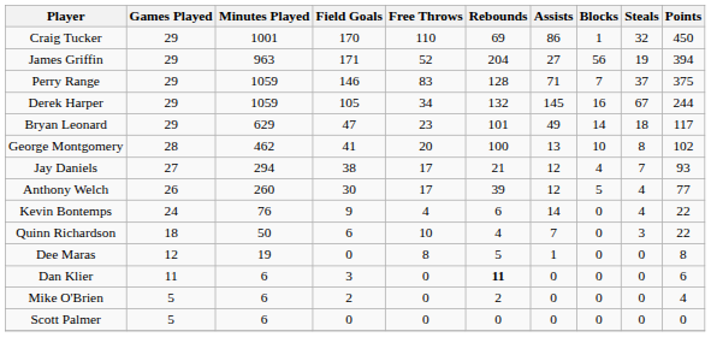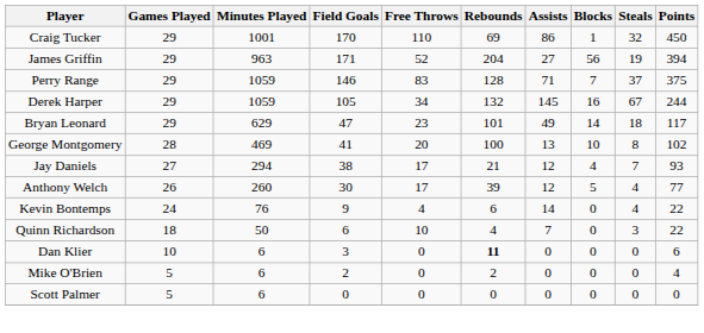 <table class="wikitable sortable">
 <tr>
 <th>Player</th>
 <th>Games Played</th>
 <th>Minutes Played</th>
 <th>Field Goals</th>
 <th>Free Throws</th>
 <th>Rebounds</th>
 <th>Assists</th>
 <th>Blocks</th>
 <th>Steals</th>
 <th>Points</th>
 </tr>
 <tr align="center" bgcolor="">
 <td>Craig Tucker</td>
 <td>29</td>
 <td>1001</td>
 <td>170</td>
 <td>110</td>
 <td>69</td>
 <td>86</td>
 <td>1</td>
 <td>32</td>
 <td>450</td>
 </tr>
 <tr align="center" bgcolor="">
 <td>James Griffin</td>
 <td>29</td>
 <td>963</td>
 <td>171</td>
 <td>52</td>
 <td>204</td>
 <td>27</td>
 <td>56</td>
 <td>19</td>
 <td>394</td>
 </tr>
 <tr align="center" bgcolor="">
 <td>Perry Range</td>
 <td>29</td>
 <td>1059</td>
 <td>146</td>
 <td>83</td>
 <td>128</td>
 <td>71</td>
 <td>7</td>
 <td>37</td>
 <td>375</td>
 </tr>
 <tr align="center" bgcolor="">
 <td>Derek Harper</td>
 <td>29</td>
 <td>1059</td>
 <td>105</td>
 <td>34</td>
 <td>132</td>
 <td>145</td>
 <td>16</td>
 <td>67</td>
 <td>244</td>
 </tr>
 <tr align="center" bgcolor="">
 <td>Bryan Leonard</td>
 <td>29</td>
 <td>629</td>
 <td>47</td>
 <td>23</td>
 <td>101</td>
 <td>49</td>
 <td>14</td>
 <td>18</td>
 <td>117</td>
 </tr>
 <tr align="center" bgcolor="">
 <td>George Montgomery</td>
 <td>28</td>
-<td>462</td>
+<td>469</td>
 <td>41</td>
 <td>20</td>
 <td>100</td>
 <td>13</td>
 <td>10</td>
 <td>8</td>
 <td>102</td>
 </tr>
 <tr align="center" bgcolor="">
 <td>Jay Daniels</td>
 <td>27</td>
 <td>294</td>
 <td>38</td>
 <td>17</td>
 <td>21</td>
 <td>12</td>
 <td>4</td>
 <td>7</td>
 <td>93</td>
 </tr>
 <tr align="center" bgcolor="">
 <td>Anthony Welch</td>
 <td>26</td>
 <td>260</td>
 <td>30</td>
 <td>17</td>
 <td>39</td>
 <td>12</td>
 <td>5</td>
 <td>4</td>
 <td>77</td>
 </tr>
 <tr align="center" bgcolor="">
 <td>Kevin Bontemps</td>
 <td>24</td>
 <td>76</td>
 <td>9</td>
 <td>4</td>
 <td>6</td>
 <td>14</td>
 <td>0</td>
 <td>4</td>
 <td>22</td>
 </tr>
 <tr align="center" bgcolor="">
 <td>Quinn Richardson</td>
 <td>18</td>
 <td>50</td>
 <td>6</td>
 <td>10</td>
 <td>4</td>
 <td>7</td>
 <td>0</td>
 <td>3</td>
 <td>22</td>
 </tr>
 <tr align="center" bgcolor="">
-<td>Dee Maras</td>
-<td>12</td>
-<td>19</td>
-<td>0</td>
-<td>8</td>
-<td>5</td>
-<td>1</td>
-<td>0</td>
-<td>0</td>
-<td>8</td>
-</tr>
-<tr align="center" bgcolor="">
 <td>Dan Klier</td>
-<td>11</td>
+<td>10</td>
 <td>6</td>
 <td>3</td>
 <td>0</td>
 <td><strong>11</strong></td>
 <td>0</td>
 <td>0</td>
 <td>0</td>
 <td>6</td>
 </tr>
 <tr align="center" bgcolor="">
 <td>Mike O'Brien</td>
 <td>5</td>
 <td>6</td>
 <td>2</td>
 <td>0</td>
 <td>2</td>
 <td>0</td>
 <td>0</td>
 <td>0</td>
 <td>4</td>
 </tr>
 <tr align="center" bgcolor="">
 <td>Scott Palmer</td>
 <td>5</td>
 <td>6</td>
 <td>0</td>
 <td>0</td>
 <td>0</td>
 <td>0</td>
 <td>0</td>
 <td>0</td>
 <td>0</td>
 </tr>
 <tr align="center" bgcolor="">
 </tr>
 </table>
